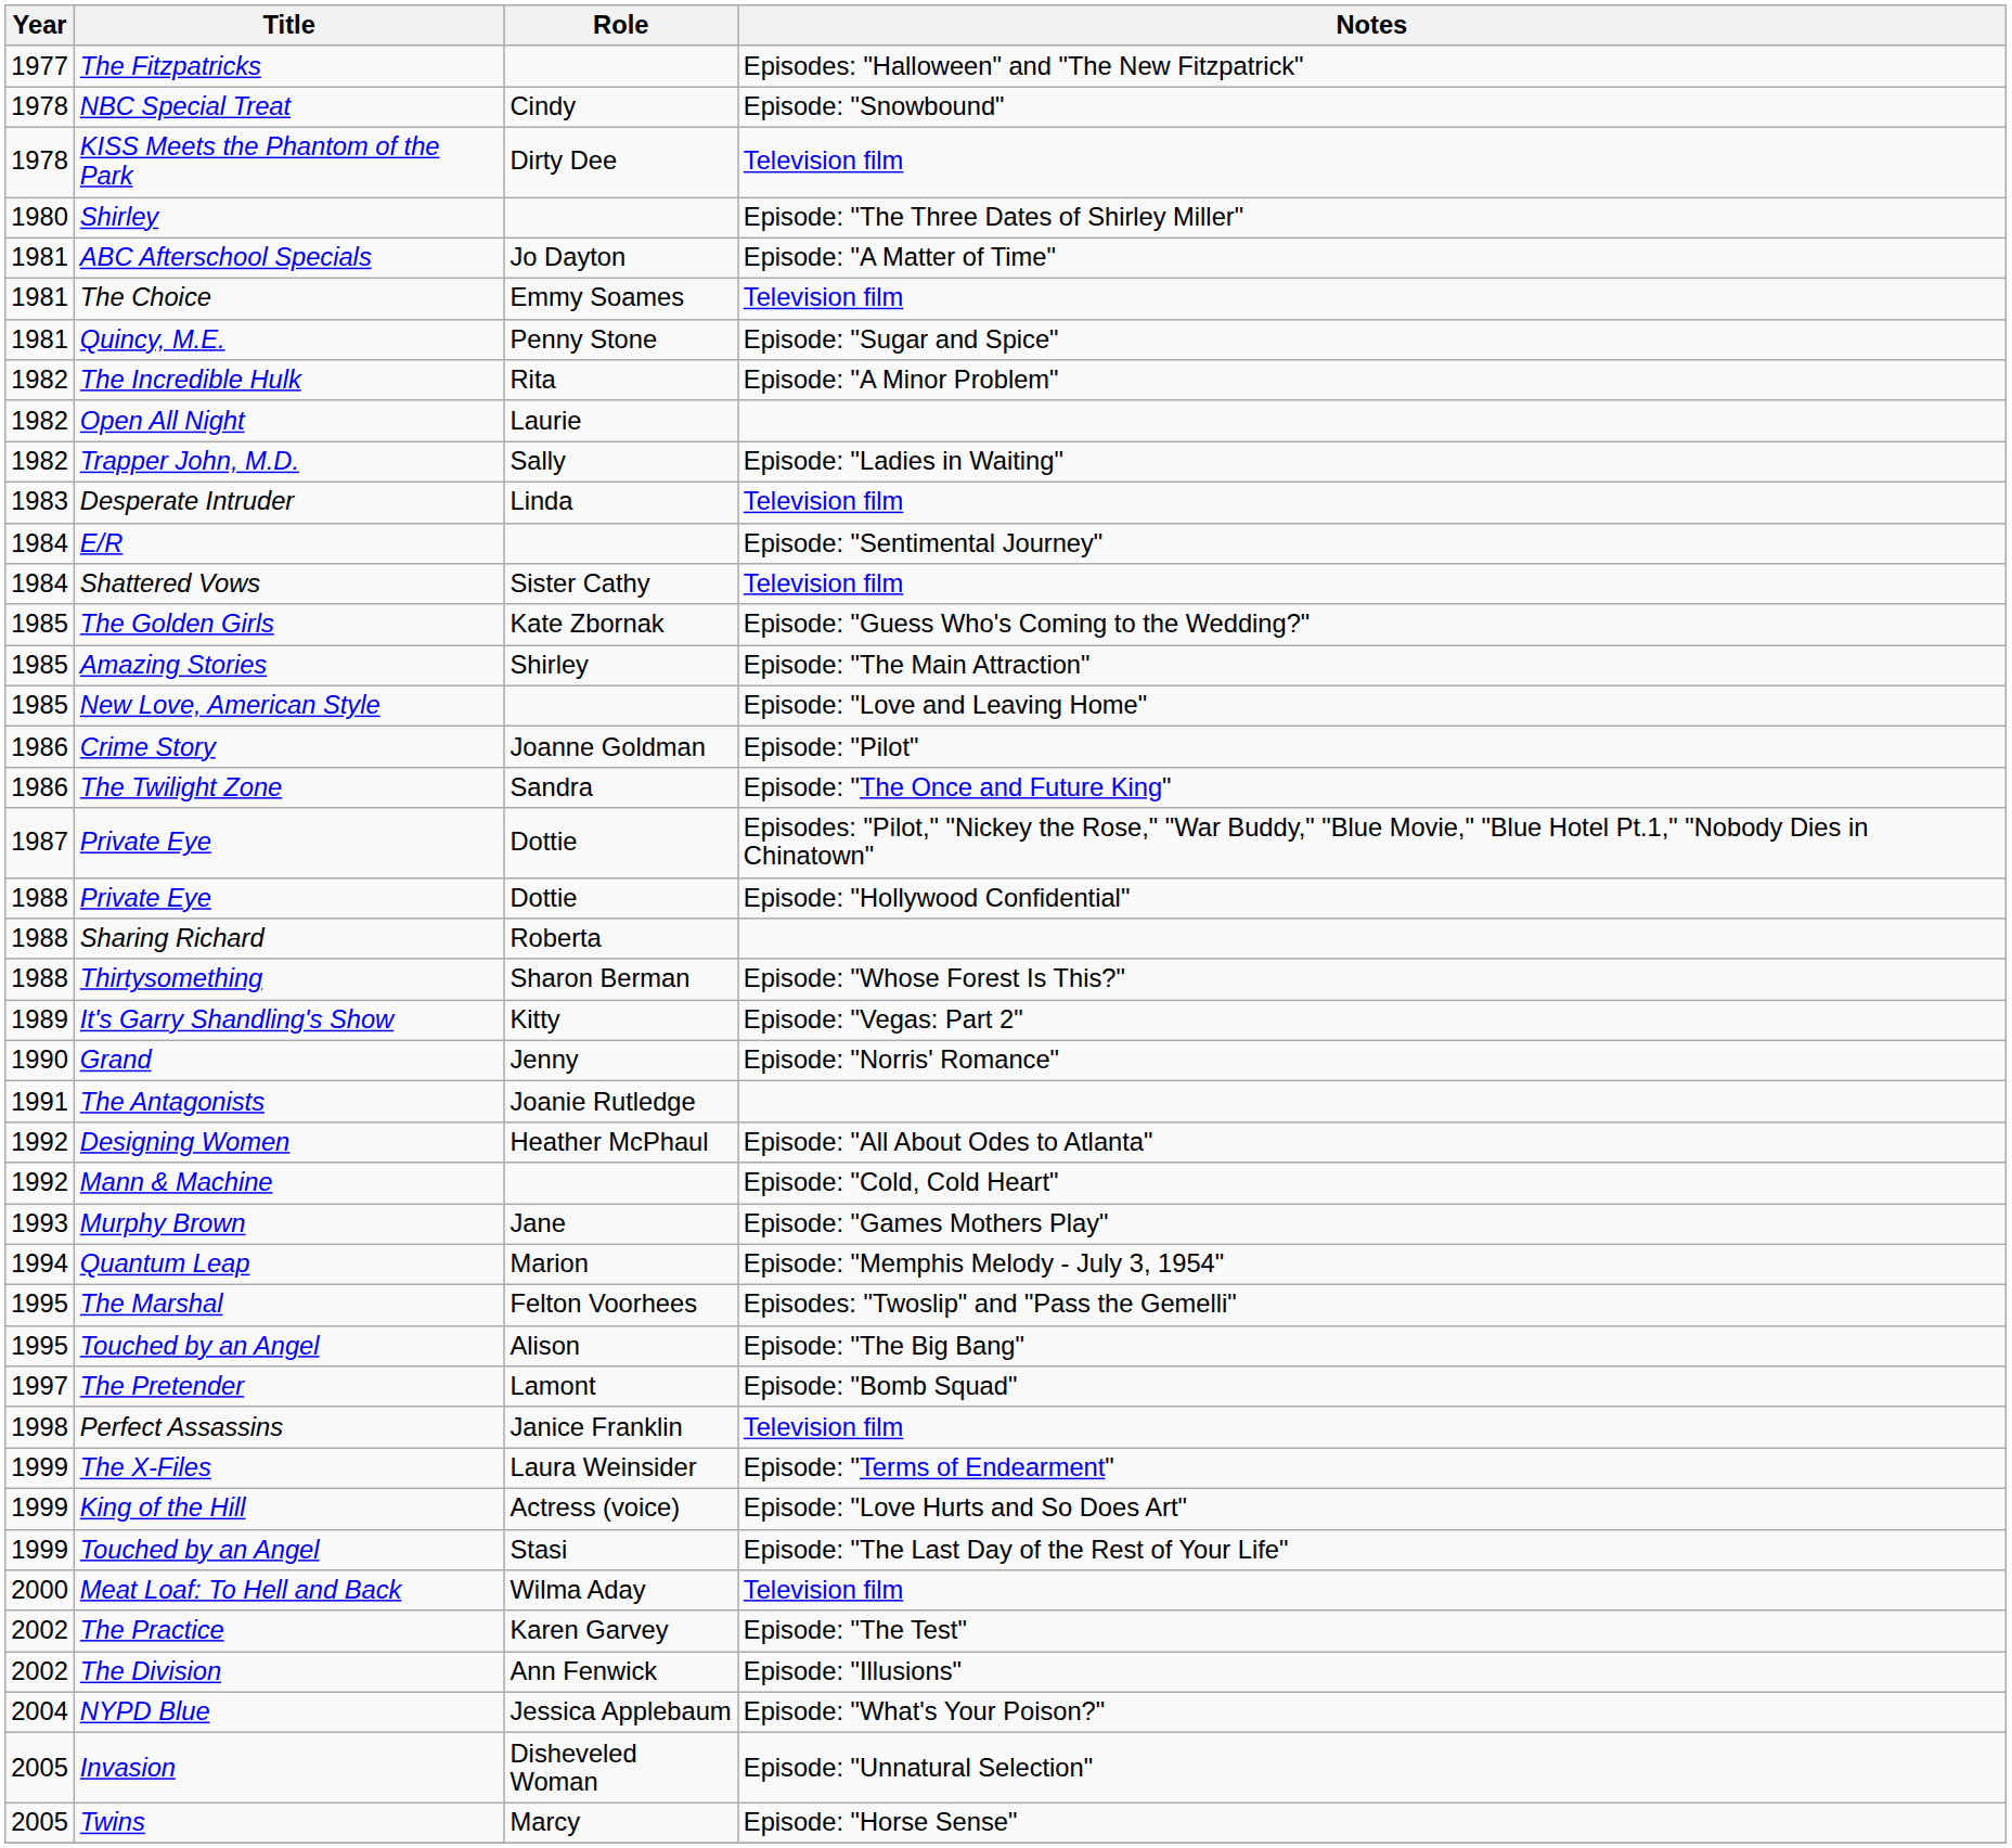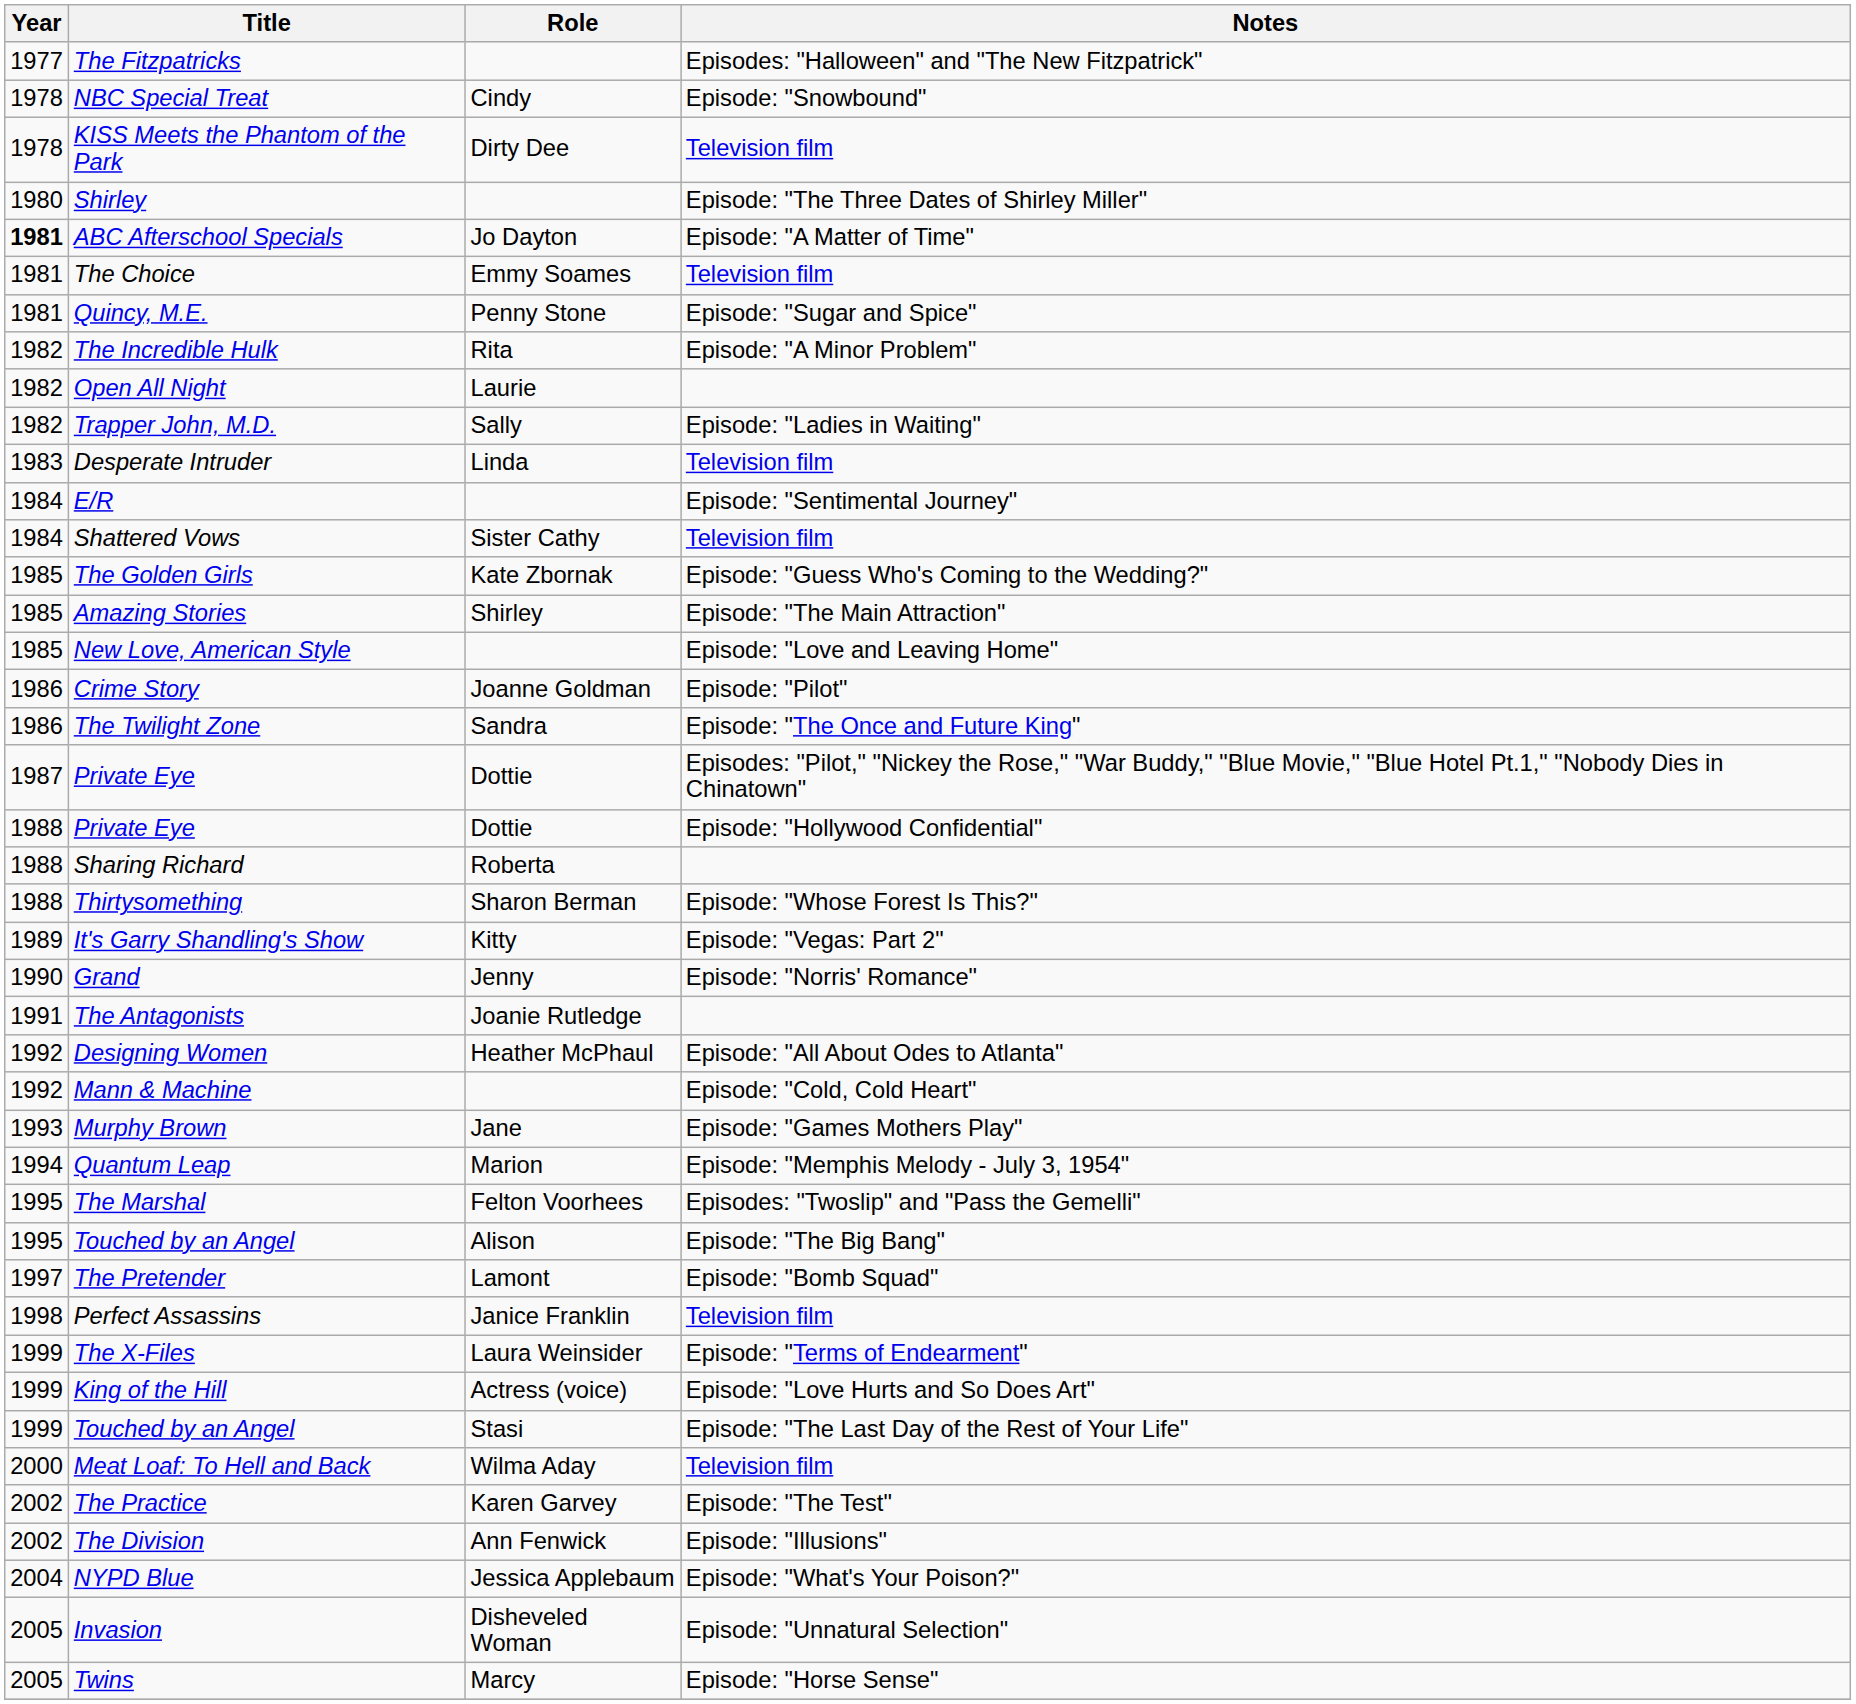 <table class="wikitable sortable">
 <tr>
 <th>Year</th>
 <th>Title</th>
 <th>Role</th>
 <th class="unsortable">Notes</th>
 </tr>
 <tr>
 <td>1977</td>
 <td><em><a href='#'>The Fitzpatricks</a></em></td>
 <td></td>
 <td>Episodes: "Halloween" and "The New Fitzpatrick"</td>
 </tr>
 <tr>
 <td>1978</td>
 <td><em><a href='#'>NBC Special Treat</a></em></td>
 <td>Cindy</td>
 <td>Episode: "Snowbound"</td>
 </tr>
 <tr>
 <td>1978</td>
 <td><em><a href='#'>KISS Meets the Phantom of the Park</a></em></td>
 <td>Dirty Dee</td>
 <td><a href='#'>Television film</a></td>
 </tr>
 <tr>
 <td>1980</td>
 <td><em><a href='#'>Shirley</a></em></td>
 <td></td>
 <td>Episode: "The Three Dates of Shirley Miller"</td>
 </tr>
 <tr>
-<td>1981</td>
+<td><strong>1981</strong></td>
 <td><em><a href='#'>ABC Afterschool Specials</a></em></td>
 <td>Jo Dayton</td>
 <td>Episode: "A Matter of Time"</td>
 </tr>
 <tr>
 <td>1981</td>
 <td><em>The Choice</em></td>
 <td>Emmy Soames</td>
 <td><a href='#'>Television film</a></td>
 </tr>
 <tr>
 <td>1981</td>
 <td><em><a href='#'>Quincy, M.E.</a></em></td>
 <td>Penny Stone</td>
 <td>Episode: "Sugar and Spice"</td>
 </tr>
 <tr>
 <td>1982</td>
 <td><em><a href='#'>The Incredible Hulk</a></em></td>
 <td>Rita</td>
 <td>Episode: "A Minor Problem"</td>
 </tr>
 <tr>
 <td>1982</td>
 <td><em><a href='#'>Open All Night</a></em></td>
 <td>Laurie</td>
 <td></td>
 </tr>
 <tr>
 <td>1982</td>
 <td><em><a href='#'>Trapper John, M.D.</a></em></td>
 <td>Sally</td>
 <td>Episode: "Ladies in Waiting"</td>
 </tr>
 <tr>
 <td>1983</td>
 <td><em>Desperate Intruder</em></td>
 <td>Linda</td>
 <td><a href='#'>Television film</a></td>
 </tr>
 <tr>
 <td>1984</td>
 <td><em><a href='#'>E/R</a></em></td>
 <td></td>
 <td>Episode: "Sentimental Journey"</td>
 </tr>
 <tr>
 <td>1984</td>
 <td><em>Shattered Vows</em></td>
 <td>Sister Cathy</td>
 <td><a href='#'>Television film</a></td>
 </tr>
 <tr>
 <td>1985</td>
 <td><em><a href='#'>The Golden Girls</a></em></td>
 <td>Kate Zbornak</td>
 <td>Episode: "Guess Who's Coming to the Wedding?"</td>
 </tr>
 <tr>
 <td>1985</td>
 <td><em><a href='#'>Amazing Stories</a></em></td>
 <td>Shirley</td>
 <td>Episode: "The Main Attraction"</td>
 </tr>
 <tr>
 <td>1985</td>
 <td><em><a href='#'>New Love, American Style</a></em></td>
 <td></td>
 <td>Episode: "Love and Leaving Home"</td>
 </tr>
 <tr>
 <td>1986</td>
 <td><em><a href='#'>Crime Story</a></em></td>
 <td>Joanne Goldman</td>
 <td>Episode: "Pilot"</td>
 </tr>
 <tr>
 <td>1986</td>
 <td><em><a href='#'>The Twilight Zone</a></em></td>
 <td>Sandra</td>
 <td>Episode: "<a href='#'>The Once and Future King</a>"</td>
 </tr>
 <tr>
 <td>1987</td>
 <td><em><a href='#'>Private Eye</a></em></td>
 <td>Dottie</td>
 <td>Episodes: "Pilot," "Nickey the Rose," "War Buddy," "Blue Movie," "Blue Hotel Pt.1," "Nobody Dies in Chinatown"</td>
 </tr>
 <tr>
 <td>1988</td>
 <td><em><a href='#'>Private Eye</a></em></td>
 <td>Dottie</td>
 <td>Episode: "Hollywood Confidential"</td>
 </tr>
 <tr>
 <td>1988</td>
 <td><em>Sharing Richard</em></td>
 <td>Roberta</td>
 <td></td>
 </tr>
 <tr>
 <td>1988</td>
 <td><em><a href='#'>Thirtysomething</a></em></td>
 <td>Sharon Berman</td>
 <td>Episode: "Whose Forest Is This?"</td>
 </tr>
 <tr>
 <td>1989</td>
 <td><em><a href='#'>It's Garry Shandling's Show</a></em></td>
 <td>Kitty</td>
 <td>Episode: "Vegas: Part 2"</td>
 </tr>
 <tr>
 <td>1990</td>
 <td><em><a href='#'>Grand</a></em></td>
 <td>Jenny</td>
 <td>Episode: "Norris' Romance"</td>
 </tr>
 <tr>
 <td>1991</td>
 <td><em><a href='#'>The Antagonists</a></em></td>
 <td>Joanie Rutledge</td>
 <td></td>
 </tr>
 <tr>
 <td>1992</td>
 <td><em><a href='#'>Designing Women</a></em></td>
 <td>Heather McPhaul</td>
 <td>Episode: "All About Odes to Atlanta"</td>
 </tr>
 <tr>
 <td>1992</td>
 <td><em><a href='#'>Mann & Machine</a></em></td>
 <td></td>
 <td>Episode: "Cold, Cold Heart"</td>
 </tr>
 <tr>
 <td>1993</td>
 <td><em><a href='#'>Murphy Brown</a></em></td>
 <td>Jane</td>
 <td>Episode: "Games Mothers Play"</td>
 </tr>
 <tr>
 <td>1994</td>
 <td><em><a href='#'>Quantum Leap</a></em></td>
 <td>Marion</td>
 <td>Episode: "Memphis Melody - July 3, 1954"</td>
 </tr>
 <tr>
 <td>1995</td>
 <td><em><a href='#'>The Marshal</a></em></td>
 <td>Felton Voorhees</td>
 <td>Episodes: "Twoslip" and "Pass the Gemelli"</td>
 </tr>
 <tr>
 <td>1995</td>
 <td><em><a href='#'>Touched by an Angel</a></em></td>
 <td>Alison</td>
 <td>Episode: "The Big Bang"</td>
 </tr>
 <tr>
 <td>1997</td>
 <td><em><a href='#'>The Pretender</a></em></td>
 <td>Lamont</td>
 <td>Episode: "Bomb Squad"</td>
 </tr>
 <tr>
 <td>1998</td>
 <td><em>Perfect Assassins</em></td>
 <td>Janice Franklin</td>
 <td><a href='#'>Television film</a></td>
 </tr>
 <tr>
 <td>1999</td>
 <td><em><a href='#'>The X-Files</a></em></td>
 <td>Laura Weinsider</td>
 <td>Episode: "<a href='#'>Terms of Endearment</a>"</td>
 </tr>
 <tr>
 <td>1999</td>
 <td><em><a href='#'>King of the Hill</a></em></td>
 <td>Actress (voice)</td>
 <td>Episode: "Love Hurts and So Does Art"</td>
 </tr>
 <tr>
 <td>1999</td>
 <td><em><a href='#'>Touched by an Angel</a></em></td>
 <td>Stasi</td>
 <td>Episode: "The Last Day of the Rest of Your Life"</td>
 </tr>
 <tr>
 <td>2000</td>
 <td><em><a href='#'>Meat Loaf: To Hell and Back</a></em></td>
 <td>Wilma Aday</td>
 <td><a href='#'>Television film</a></td>
 </tr>
 <tr>
 <td>2002</td>
 <td><em><a href='#'>The Practice</a></em></td>
 <td>Karen Garvey</td>
 <td>Episode: "The Test"</td>
 </tr>
 <tr>
 <td>2002</td>
 <td><em><a href='#'>The Division</a></em></td>
 <td>Ann Fenwick</td>
 <td>Episode: "Illusions"</td>
 </tr>
 <tr>
 <td>2004</td>
 <td><em><a href='#'>NYPD Blue</a></em></td>
 <td>Jessica Applebaum</td>
 <td>Episode: "What's Your Poison?"</td>
 </tr>
 <tr>
 <td>2005</td>
 <td><em><a href='#'>Invasion</a></em></td>
 <td>Disheveled Woman</td>
 <td>Episode: "Unnatural Selection"</td>
 </tr>
 <tr>
 <td>2005</td>
 <td><em><a href='#'>Twins</a></em></td>
 <td>Marcy</td>
 <td>Episode: "Horse Sense"</td>
 </tr>
 <tr>
 </tr>
 </table>
